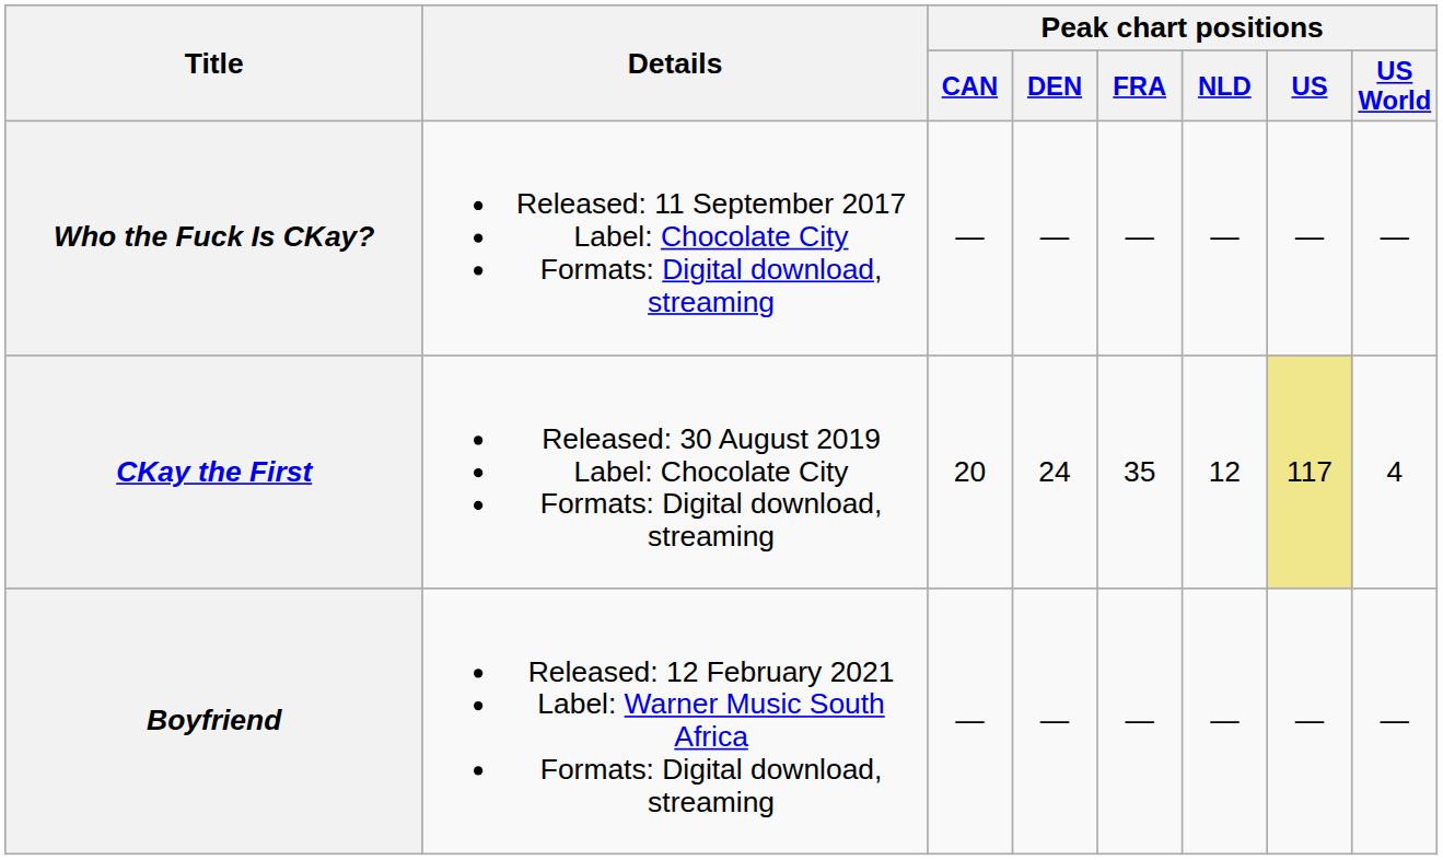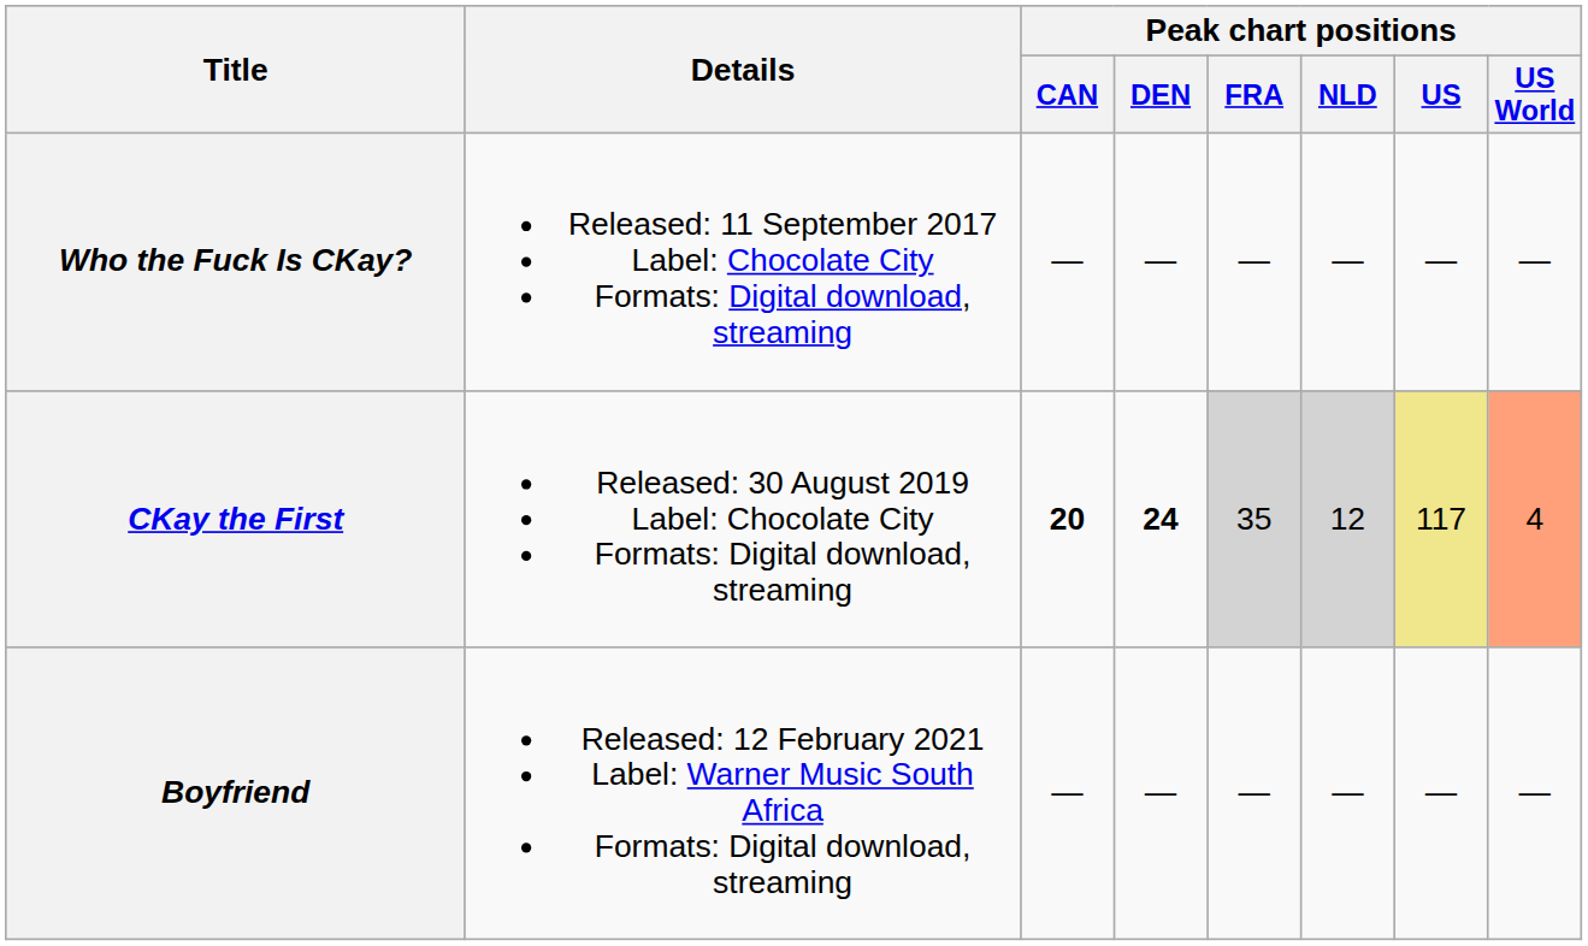 <table class="wikitable plainrowheaders" style="text-align:center;">
 <tr>
 <th scope="col" rowspan="2" style="width:14em;">Title</th>
 <th scope="col" rowspan="2" style="width:17em;">Details</th>
 <th scope="col" colspan="6">Peak chart positions</th>
 </tr>
 <tr>
 <th scope="col" style="width:2.8em;font-size:90%;"><a href='#'>CAN</a><br></th>
 <th scope="col" style="width:2.8em;font-size:90%;"><a href='#'>DEN</a><br></th>
 <th scope="col" style="width:2.8em;font-size:90%;"><a href='#'>FRA</a><br></th>
 <th scope="col" style="width:2.8em;font-size:90%;"><a href='#'>NLD</a><br></th>
 <th scope="col" style="width:2.8em;font-size:90%;"><a href='#'>US</a><br></th>
 <th scope="col" style="width:2.8em;font-size:90%;"><a href='#'>US<br>World</a><br></th>
 </tr>
 <tr>
 <th scope="row"><em>Who the Fuck Is CKay?</em></th>
 <td><br><ul><li>Released: 11 September 2017</li><li>Label: <a href='#'>Chocolate City</a></li><li>Formats: <a href='#'>Digital download</a>, <a href='#'>streaming</a></li></ul></td>
 <td>—</td>
 <td>—</td>
 <td>—</td>
 <td>—</td>
 <td>—</td>
 <td>—</td>
 </tr>
 <tr>
 <th scope="row"><em><a href='#'>CKay the First</a></em></th>
 <td><br><ul><li>Released: 30 August 2019</li><li>Label: Chocolate City</li><li>Formats: Digital download, streaming</li></ul></td>
-<td>20</td>
-<td>24</td>
-<td>35</td>
-<td>12</td>
+<td><strong>20</strong></td>
+<td><strong>24</strong></td>
+<td style="background: lightgrey;">35</td>
+<td style="background: lightgrey;">12</td>
 <td style="background: khaki;">117</td>
-<td>4</td>
+<td style="background: lightsalmon;">4</td>
 </tr>
 <tr>
 <th scope="row"><em>Boyfriend</em></th>
 <td><br><ul><li>Released: 12 February 2021</li><li>Label: <a href='#'>Warner Music South Africa</a></li><li>Formats: Digital download, streaming</li></ul></td>
 <td>—</td>
 <td>—</td>
 <td>—</td>
 <td>—</td>
 <td>—</td>
 <td>—</td>
 </tr>
 </table>
